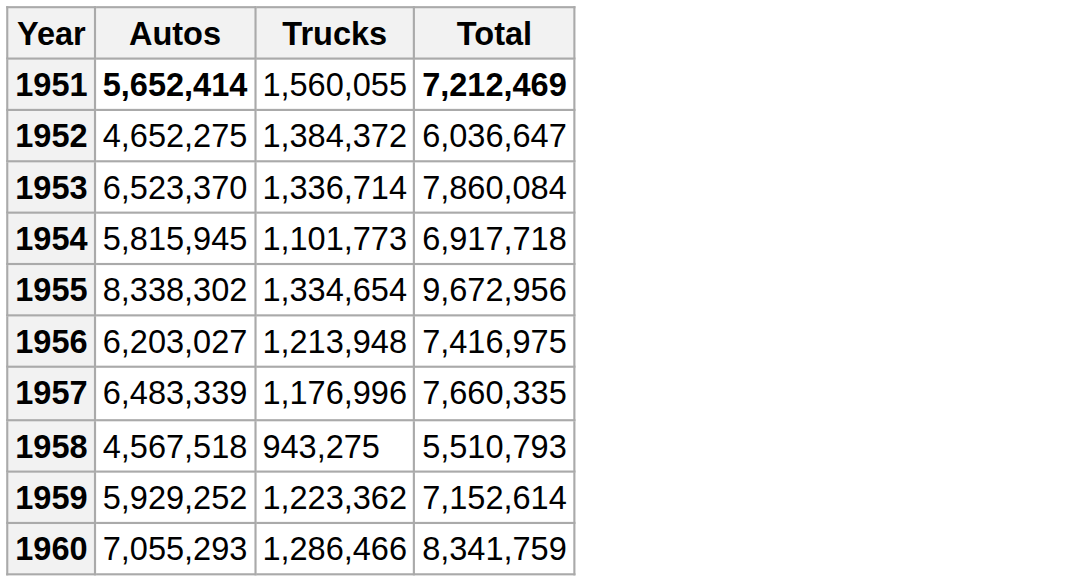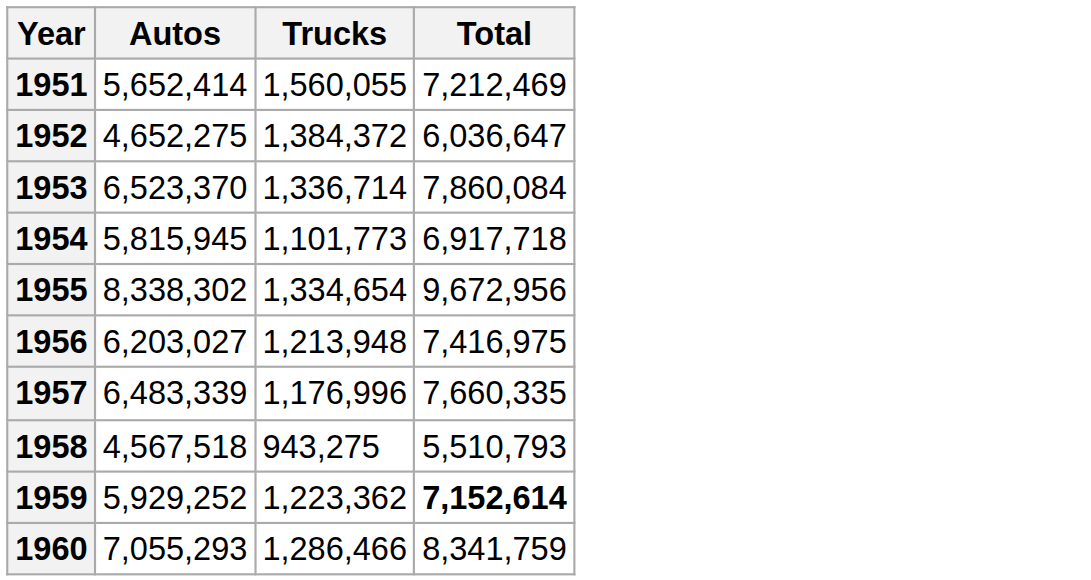 <table class="wikitable sortable" style="font-size:95%; display:block; width:40%; max-width:1200; border:1px solid #ffffff; background:#fff; margin:1em auto 1em auto;">
 <tr>
 <th scope="col" class="unsortable">Year</th>
 <th scope="col">Autos</th>
 <th scope="col">Trucks</th>
 <th scope="col">Total</th>
 </tr>
 <tr>
 <th scope="row">1951</th>
-<td><strong>5,652,414</strong></td>
+<td>5,652,414</td>
 <td>1,560,055</td>
-<td><strong>7,212,469</strong></td>
+<td>7,212,469</td>
 </tr>
 <tr>
 <th scope="row">1952</th>
 <td>4,652,275</td>
 <td>1,384,372</td>
 <td>6,036,647</td>
 </tr>
 <tr>
 <th scope="row">1953</th>
 <td>6,523,370</td>
 <td>1,336,714</td>
 <td>7,860,084</td>
 </tr>
 <tr>
 <th scope="row">1954</th>
 <td>5,815,945</td>
 <td>1,101,773</td>
 <td>6,917,718</td>
 </tr>
 <tr>
 <th scope="row">1955</th>
 <td>8,338,302</td>
 <td>1,334,654</td>
 <td>9,672,956</td>
 </tr>
 <tr>
 <th scope="row">1956</th>
 <td>6,203,027</td>
 <td>1,213,948</td>
 <td>7,416,975</td>
 </tr>
 <tr>
 <th scope="row">1957</th>
 <td>6,483,339</td>
 <td>1,176,996</td>
 <td>7,660,335</td>
 </tr>
 <tr>
 <th scope="row">1958</th>
 <td>4,567,518</td>
 <td>943,275</td>
 <td>5,510,793</td>
 </tr>
 <tr>
 <th scope="row">1959</th>
 <td>5,929,252</td>
 <td>1,223,362</td>
-<td>7,152,614</td>
+<td><strong>7,152,614</strong></td>
 </tr>
 <tr>
 <th scope="row">1960</th>
 <td>7,055,293</td>
 <td>1,286,466</td>
 <td>8,341,759</td>
 </tr>
 <tr>
 </tr>
 </table>
